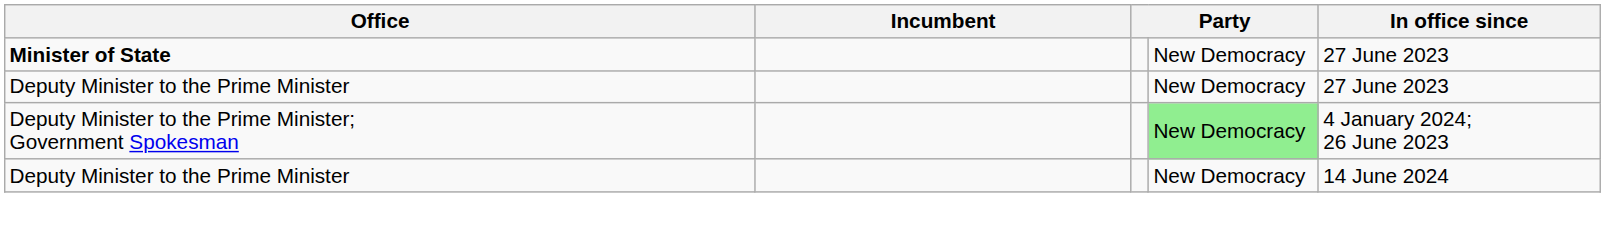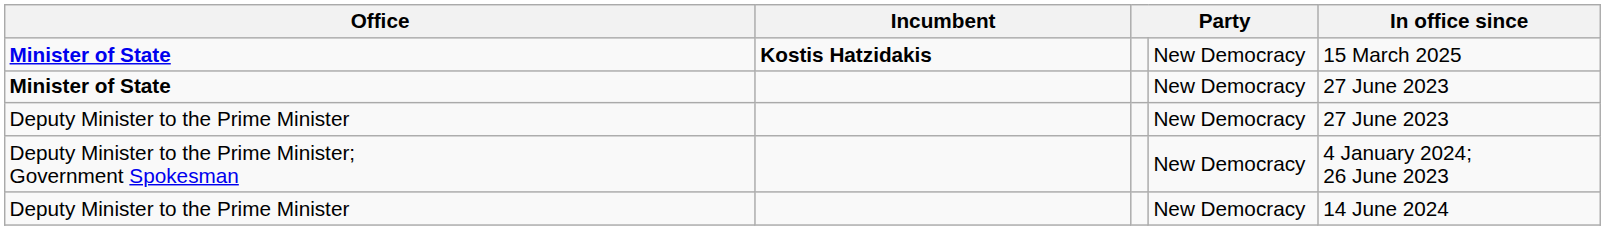 <table class="wikitable" style="width: 70%; font-size: 90%;">
 <tr>
 <th width="40%">Office</th>
 <th width="20%">Incumbent</th>
 <th width="10%" colspan="2">Party</th>
 <th width="15%">In office since</th>
+</tr>
+<tr>
+<td><strong><a href='#'>Minister of State</a></strong></td>
+<td><strong>Kostis Hatzidakis</strong></td>
+<td width="5" style="background-color: "></td>
+<td>New Democracy</td>
+<td>15 March 2025</td>
 </tr>
 <tr>
 <td><strong>Minister of State</strong></td>
 <td><strong></strong></td>
 <td width="5" style="background-color: "></td>
 <td>New Democracy</td>
 <td>27 June 2023</td>
 </tr>
 <tr>
 <td>Deputy Minister to the Prime Minister</td>
 <td></td>
 <td width="5" style="background-color: "></td>
 <td>New Democracy</td>
 <td>27 June 2023</td>
 </tr>
 <tr>
 <td>Deputy Minister to the Prime Minister;<br>Government <a href='#'>Spokesman</a></td>
 <td></td>
 <td width="5" style="background-color: "></td>
-<td style="background: lightgreen;">New Democracy</td>
+<td>New Democracy</td>
 <td>4 January 2024;<br>26 June 2023</td>
 </tr>
 <tr>
 <td>Deputy Minister to the Prime Minister</td>
 <td></td>
 <td width="5" style="background-color: "></td>
 <td>New Democracy</td>
 <td>14 June 2024</td>
 </tr>
 </table>
